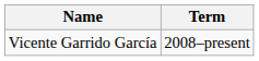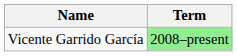 <table class="wikitable">
 <tr>
 <th>Name</th>
 <th>Term</th>
 </tr>
 <tr>
 <td>Vicente Garrido García</td>
-<td>2008–present</td>
+<td style="background: lightgreen;">2008–present</td>
 </tr>
 </table>
